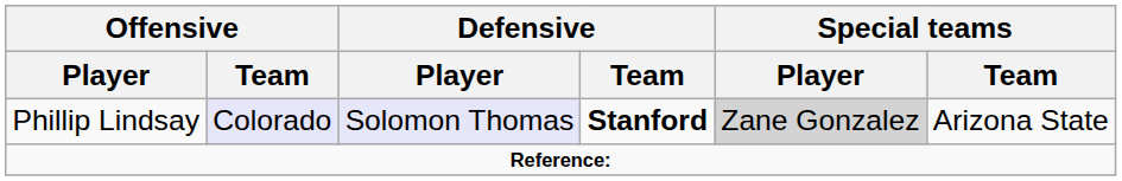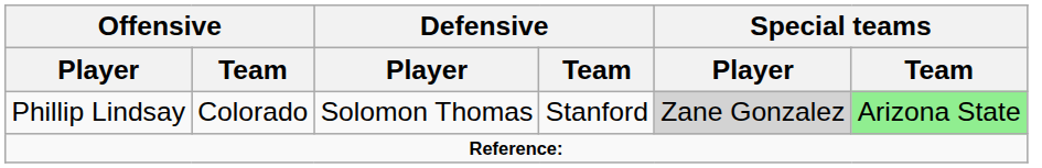 <table class="wikitable">
 <tr>
 <th colspan="2">Offensive</th>
 <th colspan="2">Defensive</th>
 <th colspan="2">Special teams</th>
 </tr>
 <tr>
 <th>Player</th>
 <th>Team</th>
 <th>Player</th>
 <th>Team</th>
 <th>Player</th>
 <th>Team</th>
 </tr>
 <tr>
 <td>Phillip Lindsay</td>
-<td style="background: lavender;">Colorado</td>
-<td style="background: lavender;">Solomon Thomas</td>
-<td><strong>Stanford</strong></td>
+<td>Colorado</td>
+<td>Solomon Thomas</td>
+<td>Stanford</td>
 <td style="background: lightgrey;">Zane Gonzalez</td>
-<td>Arizona State</td>
+<td style="background: lightgreen;">Arizona State</td>
 </tr>
 <tr>
 <td colspan="12"  style="font-size:8pt; text-align:center;"><strong>Reference:</strong></td>
 </tr>
 </table>
